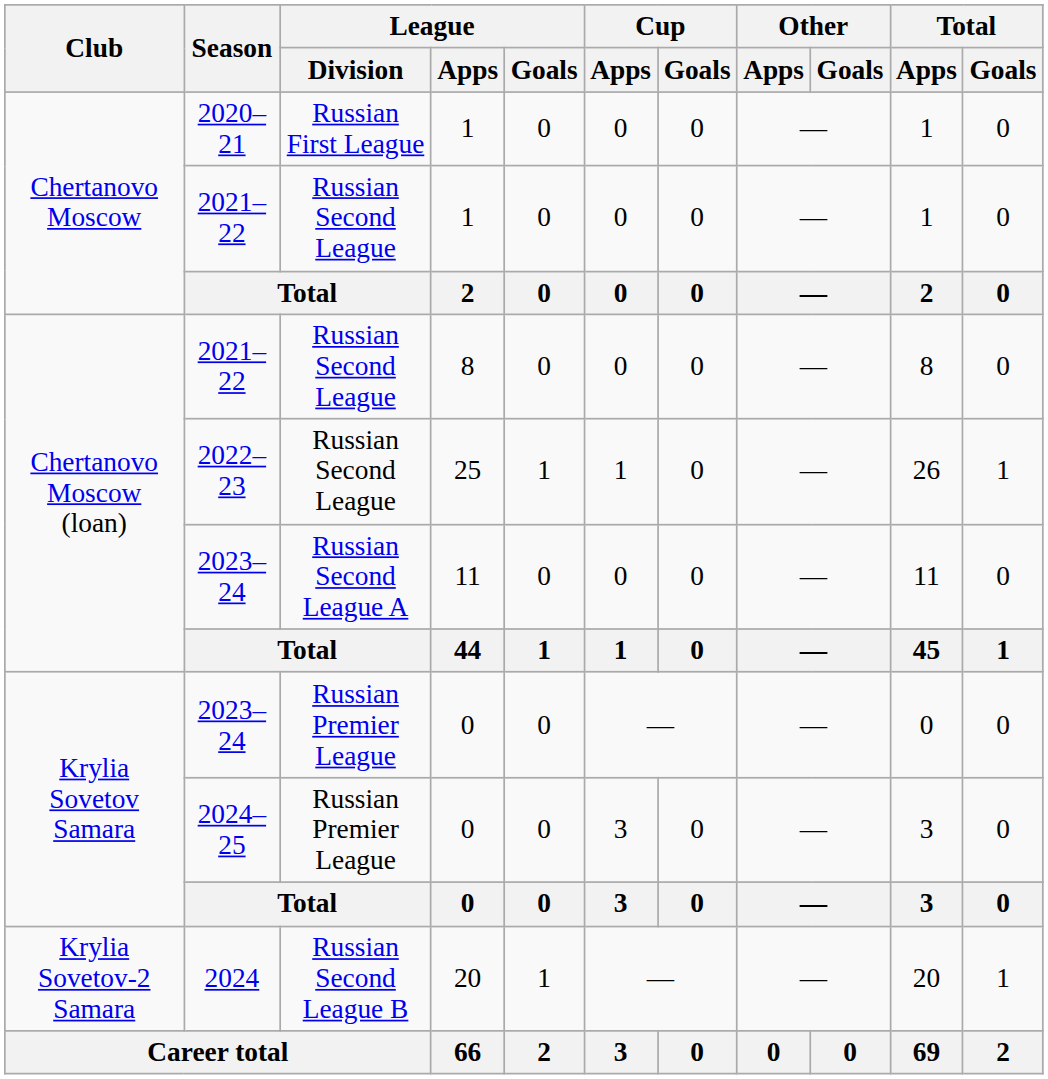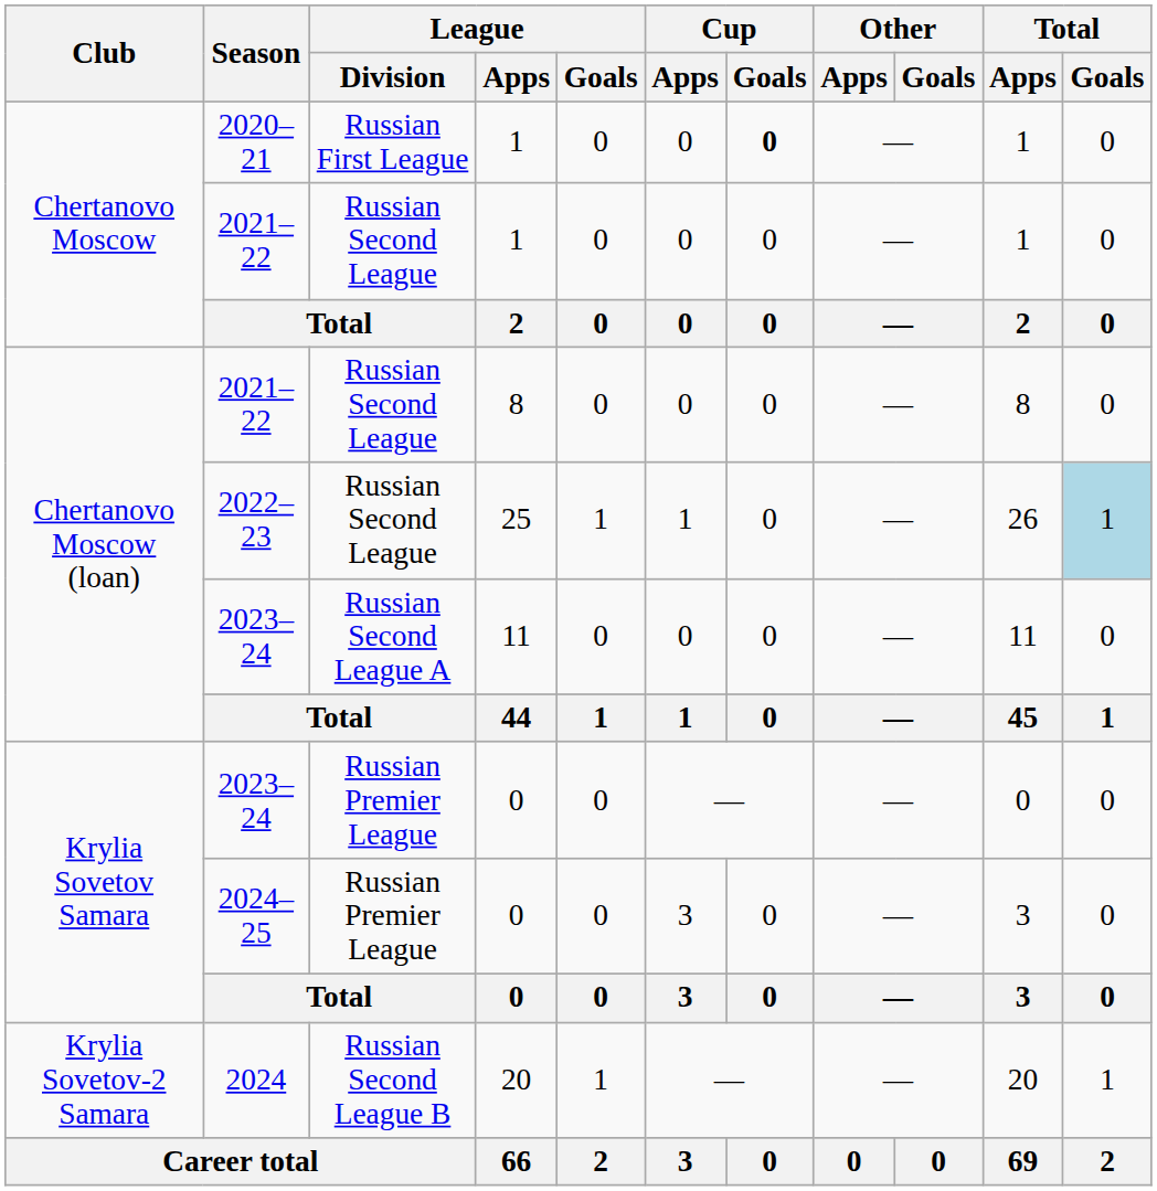 <table class="wikitable" style="text-align: center;">
 <tr>
 <th rowspan="2">Club</th>
 <th rowspan="2">Season</th>
 <th colspan="3">League</th>
 <th colspan="2">Cup</th>
 <th colspan="2">Other</th>
 <th colspan="2">Total</th>
 </tr>
 <tr>
 <th>Division</th>
 <th>Apps</th>
 <th>Goals</th>
 <th>Apps</th>
 <th>Goals</th>
 <th>Apps</th>
 <th>Goals</th>
 <th>Apps</th>
 <th>Goals</th>
 </tr>
 <tr>
 <td rowspan="3"><a href='#'>Chertanovo Moscow</a></td>
 <td><a href='#'>2020–21</a></td>
 <td><a href='#'>Russian First League</a></td>
 <td>1</td>
 <td>0</td>
 <td>0</td>
-<td>0</td>
+<td><strong>0</strong></td>
 <td colspan="2">—</td>
 <td>1</td>
 <td>0</td>
 </tr>
 <tr>
 <td><a href='#'>2021–22</a></td>
 <td><a href='#'>Russian Second League</a></td>
 <td>1</td>
 <td>0</td>
 <td>0</td>
 <td>0</td>
 <td colspan="2">—</td>
 <td>1</td>
 <td>0</td>
 </tr>
 <tr>
 <th colspan="2">Total</th>
 <th>2</th>
 <th>0</th>
 <th>0</th>
 <th>0</th>
 <th colspan="2">—</th>
 <th>2</th>
 <th>0</th>
 </tr>
 <tr>
 <td rowspan="4"><a href='#'>Chertanovo Moscow</a> (loan)</td>
 <td><a href='#'>2021–22</a></td>
 <td><a href='#'>Russian Second League</a></td>
 <td>8</td>
 <td>0</td>
 <td>0</td>
 <td>0</td>
 <td colspan="2">—</td>
 <td>8</td>
 <td>0</td>
 </tr>
 <tr>
 <td><a href='#'>2022–23</a></td>
 <td>Russian Second League</td>
 <td>25</td>
 <td>1</td>
 <td>1</td>
 <td>0</td>
 <td colspan="2">—</td>
 <td>26</td>
-<td>1</td>
+<td style="background: lightblue;">1</td>
 </tr>
 <tr>
 <td><a href='#'>2023–24</a></td>
 <td><a href='#'>Russian Second League A</a></td>
 <td>11</td>
 <td>0</td>
 <td>0</td>
 <td>0</td>
 <td colspan="2">—</td>
 <td>11</td>
 <td>0</td>
 </tr>
 <tr>
 <th colspan="2">Total</th>
 <th>44</th>
 <th>1</th>
 <th>1</th>
 <th>0</th>
 <th colspan="2">—</th>
 <th>45</th>
 <th>1</th>
 </tr>
 <tr>
 <td rowspan="3"><a href='#'>Krylia Sovetov Samara</a></td>
 <td><a href='#'>2023–24</a></td>
 <td><a href='#'>Russian Premier League</a></td>
 <td>0</td>
 <td>0</td>
 <td colspan="2">—</td>
 <td colspan="2">—</td>
 <td>0</td>
 <td>0</td>
 </tr>
 <tr>
 <td><a href='#'>2024–25</a></td>
 <td>Russian Premier League</td>
 <td>0</td>
 <td>0</td>
 <td>3</td>
 <td>0</td>
 <td colspan="2">—</td>
 <td>3</td>
 <td>0</td>
 </tr>
 <tr>
 <th colspan="2">Total</th>
 <th>0</th>
 <th>0</th>
 <th>3</th>
 <th>0</th>
 <th colspan="2">—</th>
 <th>3</th>
 <th>0</th>
 </tr>
 <tr>
 <td><a href='#'>Krylia Sovetov-2 Samara</a></td>
 <td><a href='#'>2024</a></td>
 <td><a href='#'>Russian Second League B</a></td>
 <td>20</td>
 <td>1</td>
 <td colspan="2">—</td>
 <td colspan="2">—</td>
 <td>20</td>
 <td>1</td>
 </tr>
 <tr>
 <th colspan="3">Career total</th>
 <th>66</th>
 <th>2</th>
 <th>3</th>
 <th>0</th>
 <th>0</th>
 <th>0</th>
 <th>69</th>
 <th>2</th>
 </tr>
 </table>
